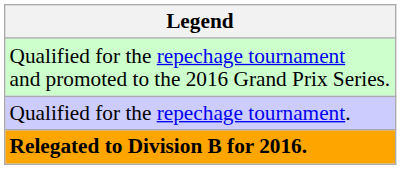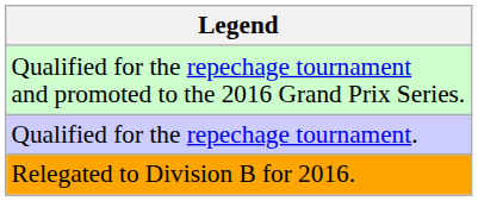 <table class="wikitable">
 <tr>
 <th>Legend</th>
 </tr>
 <tr bgcolor=ccffcc>
 <td>Qualified for the <a href='#'>repechage tournament</a><br>and promoted to the 2016 Grand Prix Series.</td>
 </tr>
 <tr bgcolor=ccccff>
 <td>Qualified for the <a href='#'>repechage tournament</a>.</td>
 </tr>
 <tr bgcolor=FFA500>
-<td><strong>Relegated to Division B for 2016.</strong></td>
+<td>Relegated to Division B for 2016.</td>
 </tr>
 </table>
